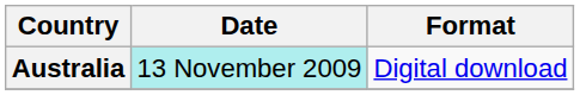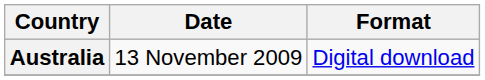 <table class="wikitable plainrowheaders">
 <tr>
 <th scope="col">Country</th>
 <th scope="col">Date</th>
 <th scope="col">Format</th>
 </tr>
 <tr>
 <th scope="row">Australia</th>
-<td style="background: paleturquoise;">13 November 2009</td>
+<td>13 November 2009</td>
 <td><a href='#'>Digital download</a></td>
 </tr>
 <tr>
 </tr>
 </table>
